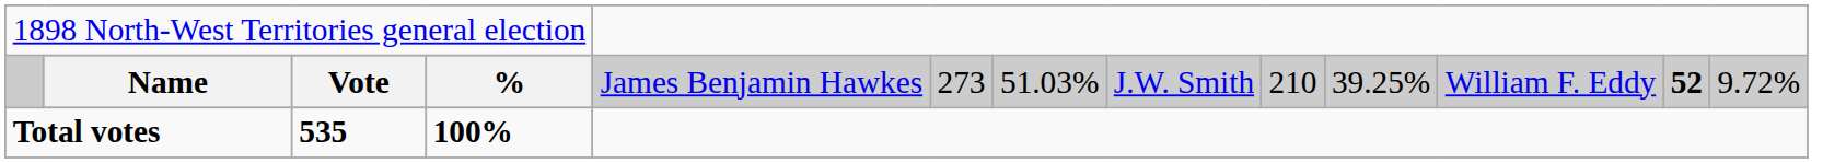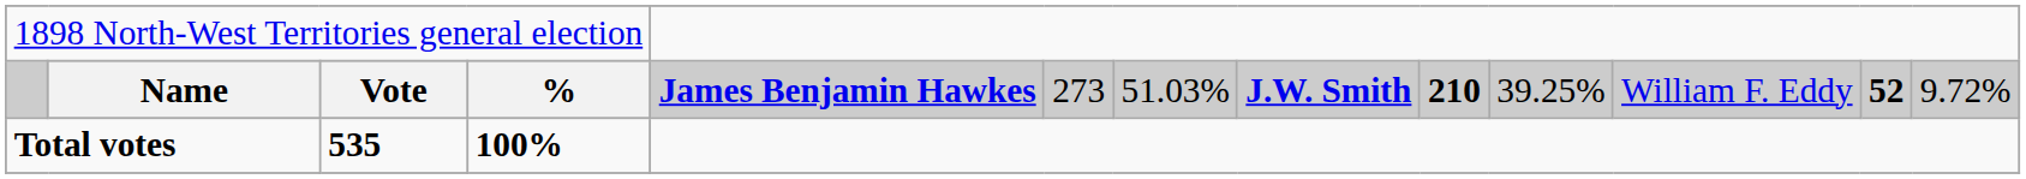 <table class="wikitable">
 <tr>
 <td colspan=4 align=center><a href='#'>1898 North-West Territories general election</a></td>
 </tr>
 <tr bgcolor="CCCCCC">
 <td></td>
 <th>Name</th>
 <th>Vote</th>
 <th>%<br></th>
-<td><a href='#'>James Benjamin Hawkes</a></td>
+<td><strong><a href='#'>James Benjamin Hawkes</a></strong></td>
 <td>273</td>
 <td>51.03%<br></td>
-<td><a href='#'>J.W. Smith</a></td>
-<td>210</td>
+<td><strong><a href='#'>J.W. Smith</a></strong></td>
+<td><strong>210</strong></td>
 <td>39.25%<br></td>
 <td><a href='#'>William F. Eddy</a></td>
 <td><strong>52</strong></td>
 <td>9.72%</td>
 </tr>
 <tr>
 <td colspan=2><strong>Total votes</strong></td>
 <td><strong>535</strong></td>
 <td alignment="left"><strong>100%</strong></td>
 </tr>
 </table>
